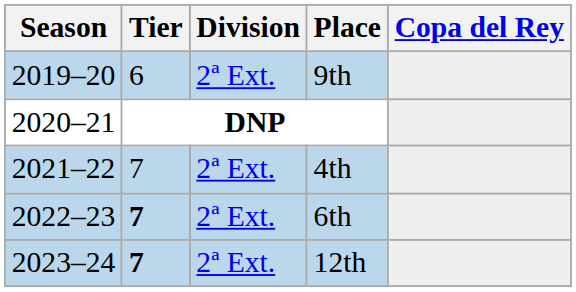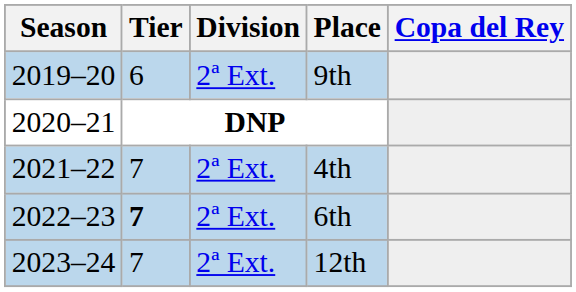 <table class="wikitable">
 <tr style="background:#f0f6fa;">
 <th>Season</th>
 <th>Tier</th>
 <th>Division</th>
 <th>Place</th>
 <th><a href='#'>Copa del Rey</a></th>
 </tr>
 <tr>
 <td style="background:#BBD7EC;">2019–20</td>
 <td style="background:#BBD7EC;">6</td>
 <td style="background:#BBD7EC;"><a href='#'>2ª Ext.</a></td>
 <td style="background:#BBD7EC;">9th</td>
 <th style="background:#efefef;"></th>
 </tr>
 <tr>
 <td style="background:#FFFFFF;">2020–21</td>
 <th style="background:#FFFFFF;" colspan="3">DNP</th>
 <th style="background:#efefef;"></th>
 </tr>
 <tr>
 <td style="background:#BBD7EC;">2021–22</td>
 <td style="background:#BBD7EC;">7</td>
 <td style="background:#BBD7EC;"><a href='#'>2ª Ext.</a></td>
 <td style="background:#BBD7EC;">4th</td>
 <th style="background:#efefef;"></th>
 </tr>
 <tr>
 <td style="background:#BBD7EC;">2022–23</td>
 <td style="background:#BBD7EC;"><strong>7</strong></td>
 <td style="background:#BBD7EC;"><a href='#'>2ª Ext.</a></td>
 <td style="background:#BBD7EC;">6th</td>
 <th style="background:#efefef;"></th>
 </tr>
 <tr>
 <td style="background:#BBD7EC;">2023–24</td>
-<td style="background:#BBD7EC;"><strong>7</strong></td>
+<td style="background:#BBD7EC;">7</td>
 <td style="background:#BBD7EC;"><a href='#'>2ª Ext.</a></td>
 <td style="background:#BBD7EC;">12th</td>
 <th style="background:#efefef;"></th>
 </tr>
 </table>
